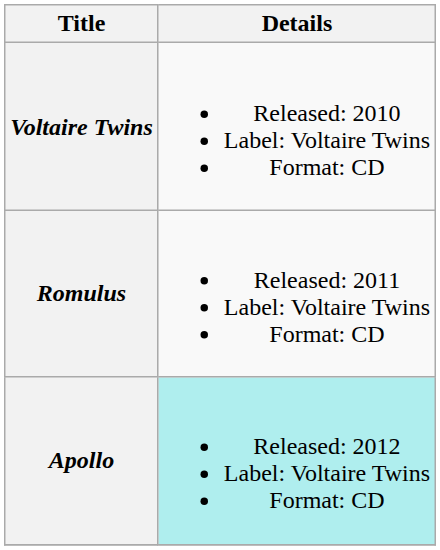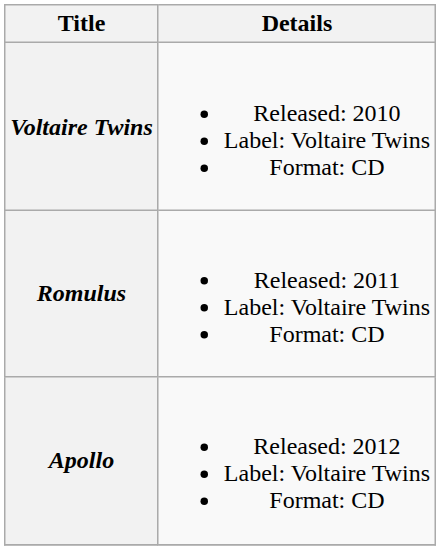 <table class="wikitable plainrowheaders" style="text-align:center;" border="1">
 <tr>
 <th>Title</th>
 <th>Details</th>
 </tr>
 <tr>
 <th scope="row"><em>Voltaire Twins</em></th>
 <td><br><ul><li>Released: 2010</li><li>Label: Voltaire Twins</li><li>Format: CD</li></ul></td>
 </tr>
 <tr>
 <th scope="row"><em>Romulus</em></th>
 <td><br><ul><li>Released: 2011</li><li>Label: Voltaire Twins</li><li>Format: CD</li></ul></td>
 </tr>
 <tr>
 <th scope="row"><em>Apollo</em></th>
-<td style="background: paleturquoise;"><br><ul><li>Released: 2012</li><li>Label: Voltaire Twins</li><li>Format: CD</li></ul></td>
+<td><br><ul><li>Released: 2012</li><li>Label: Voltaire Twins</li><li>Format: CD</li></ul></td>
 </tr>
 <tr>
 </tr>
 </table>
